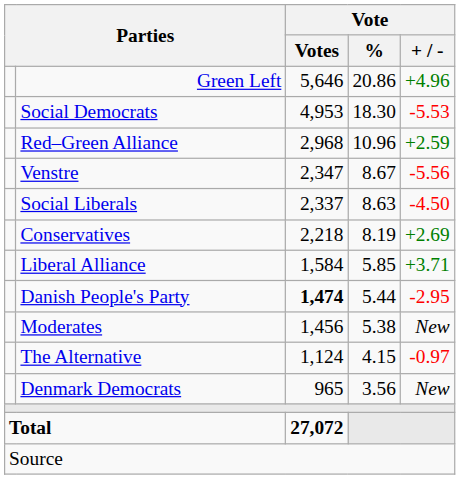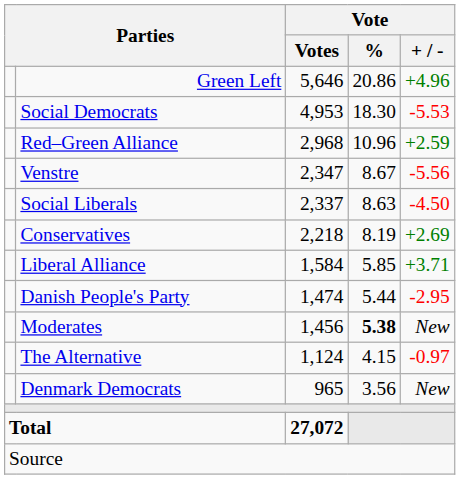 <table class="wikitable" style="text-align:right;">
 <tr>
 <th style="text-align:centre;" rowspan="2" colspan="2" width="225">Parties</th>
 <th colspan="3">Vote</th>
 </tr>
 <tr>
 <th width="15">Votes</th>
 <th width="15">%</th>
 <th width="15">+ / -</th>
 </tr>
 <tr>
 <td width=2 bgcolor=></td>
 <td><a href='#'>Green Left</a></td>
 <td>5,646</td>
 <td>20.86</td>
 <td style=color:green;>+4.96</td>
 </tr>
 <tr>
 <td width=2 bgcolor=></td>
 <td align=left><a href='#'>Social Democrats</a></td>
 <td>4,953</td>
 <td>18.30</td>
 <td style=color:red;>-5.53</td>
 </tr>
 <tr>
 <td width=2 bgcolor=></td>
 <td align=left><a href='#'>Red–Green Alliance</a></td>
 <td>2,968</td>
 <td>10.96</td>
 <td style=color:green;>+2.59</td>
 </tr>
 <tr>
 <td width=2 bgcolor=></td>
 <td align=left><a href='#'>Venstre</a></td>
 <td>2,347</td>
 <td>8.67</td>
 <td style=color:red;>-5.56</td>
 </tr>
 <tr>
 <td width=2 bgcolor=></td>
 <td align=left><a href='#'>Social Liberals</a></td>
 <td>2,337</td>
 <td>8.63</td>
 <td style=color:red;>-4.50</td>
 </tr>
 <tr>
 <td width=2 bgcolor=></td>
 <td align=left><a href='#'>Conservatives</a></td>
 <td>2,218</td>
 <td>8.19</td>
 <td style=color:green;>+2.69</td>
 </tr>
 <tr>
 <td width=2 bgcolor=></td>
 <td align=left><a href='#'>Liberal Alliance</a></td>
 <td>1,584</td>
 <td>5.85</td>
 <td style=color:green;>+3.71</td>
 </tr>
 <tr>
 <td width=2 bgcolor=></td>
 <td align=left><a href='#'>Danish People's Party</a></td>
-<td><strong>1,474</strong></td>
+<td>1,474</td>
 <td>5.44</td>
 <td style=color:red;>-2.95</td>
 </tr>
 <tr>
 <td width=2 bgcolor=></td>
 <td align=left><a href='#'>Moderates</a></td>
 <td>1,456</td>
-<td>5.38</td>
+<td><strong>5.38</strong></td>
 <td><em>New</em></td>
 </tr>
 <tr>
 <td width=2 bgcolor=></td>
 <td align=left><a href='#'>The Alternative</a></td>
 <td>1,124</td>
 <td>4.15</td>
 <td style=color:red;>-0.97</td>
 </tr>
 <tr>
 <td width=2 bgcolor=></td>
 <td align=left><a href='#'>Denmark Democrats</a></td>
 <td>965</td>
 <td>3.56</td>
 <td><em>New</em></td>
 </tr>
 <tr>
 <td colspan="7" bgcolor="#E9E9E9"></td>
 </tr>
 <tr>
 <td align="left" colspan="2"><strong>Total</strong></td>
 <td><strong>27,072</strong></td>
 <td bgcolor=#E9E9E9 colspan=2></td>
 </tr>
 <tr>
 <td align="left" colspan="6">Source</td>
 </tr>
 </table>
